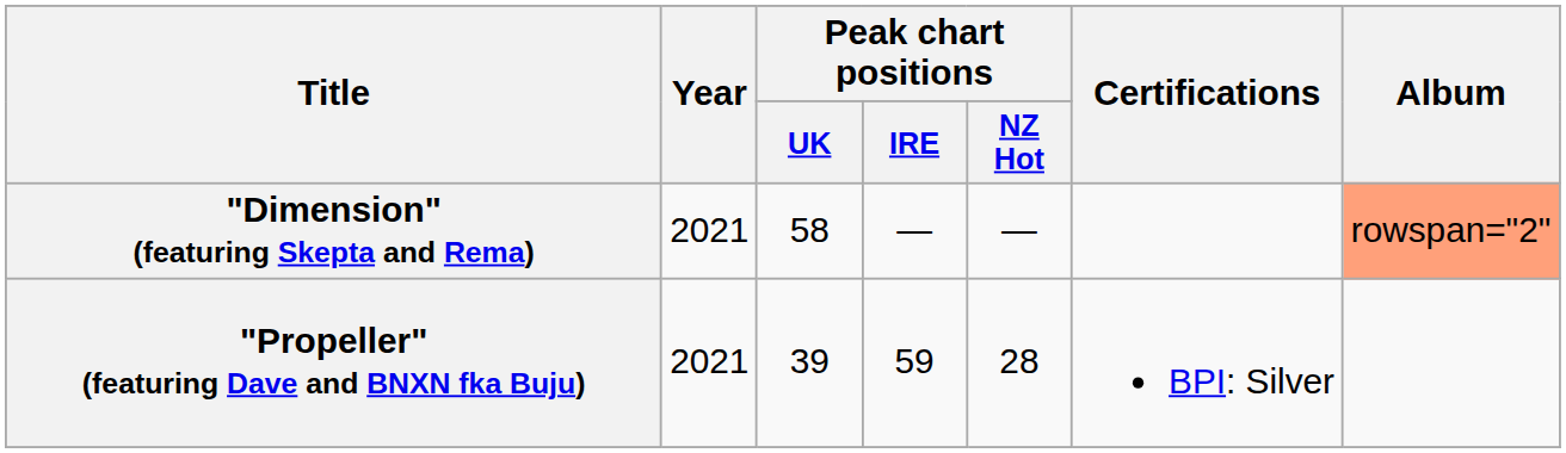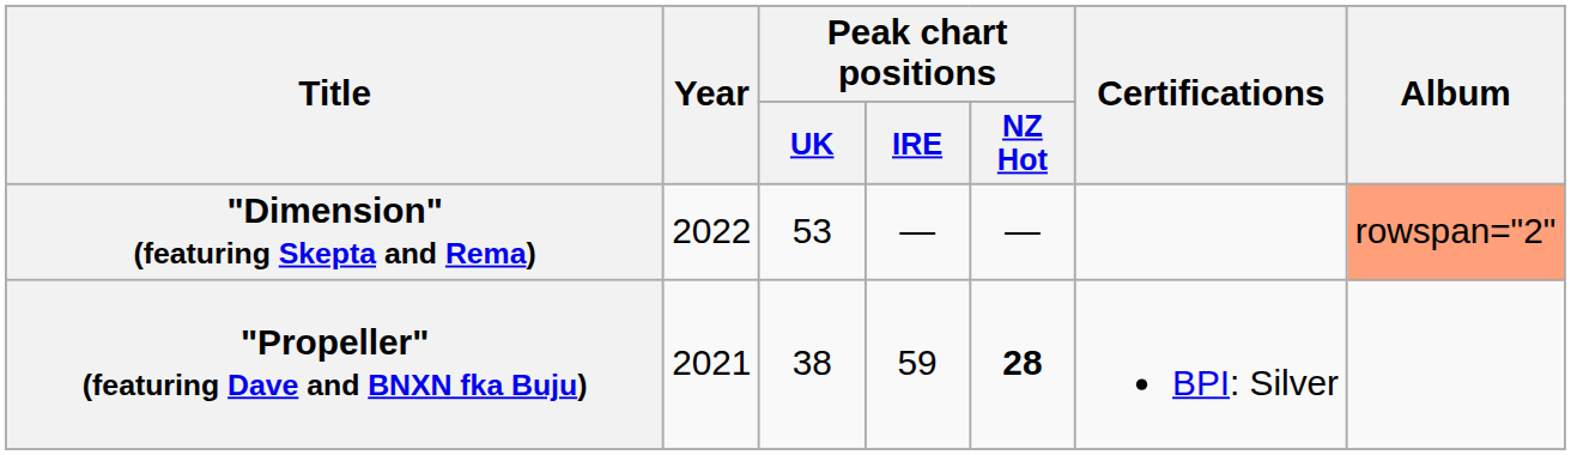 <table class="wikitable plainrowheaders" style="text-align:center;">
 <tr>
 <th scope="col" rowspan="2" style="width:18em;">Title</th>
 <th scope="col" rowspan="2" style="width:1em;">Year</th>
 <th scope="col" colspan="3">Peak chart positions</th>
 <th scope="col" rowspan="2">Certifications</th>
 <th scope="col" rowspan="2">Album</th>
 </tr>
 <tr>
 <th scope="col" style="width:3em;font-size:85%;"><a href='#'>UK</a><br></th>
 <th scope="col" style="width:3em;font-size:85%;"><a href='#'>IRE</a><br></th>
 <th scope="col" style="width:3em;font-size:85%;"><a href='#'>NZ<br>Hot</a><br></th>
 </tr>
 <tr>
 <th scope="row">"Dimension"<br><small>(featuring <a href='#'>Skepta</a> and <a href='#'>Rema</a>)</small></th>
-<td>2021</td>
-<td>58</td>
+<td>2022</td>
+<td>53</td>
 <td>—</td>
 <td>—</td>
 <td></td>
 <td style="background: lightsalmon;">rowspan="2" </td>
 </tr>
 <tr>
 <th scope="row">"Propeller"<br><small>(featuring <a href='#'>Dave</a> and <a href='#'>BNXN fka Buju</a>)</small></th>
 <td>2021</td>
-<td>39</td>
+<td>38</td>
 <td>59</td>
-<td>28</td>
+<td><strong>28</strong></td>
 <td><br><ul><li><a href='#'>BPI</a>: Silver</li></ul></td>
 </tr>
 </table>
